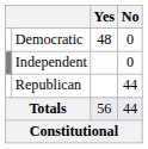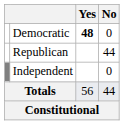 <table class="wikitable" style="text-align:center;background:white;">
 <tr>
 <th colspan="2" scope="col"></th>
 <th scope="col">Yes</th>
 <th scope="col">No</th>
 </tr>
 <tr>
 <td style="background-color:"></td>
 <td style="text-align:left;">Democratic</td>
-<td>48</td>
-<td>0</td>
-</tr>
-<tr>
-<td style="background:gray;"></td>
-<td style="text-align:left;">Independent</td>
-<td></td>
+<td><strong>48</strong></td>
 <td>0</td>
 </tr>
 <tr>
 <td style="background-color:"></td>
 <td style="text-align:left;">Republican</td>
 <td></td>
 <td>44</td>
+</tr>
+<tr>
+<td style="background:gray;"></td>
+<td style="text-align:left;">Independent</td>
+<td></td>
+<td>0</td>
 </tr>
 <tr style="background:#EAECF0;">
 <th colspan="2" scope="row">Totals</th>
 <td>56</td>
 <td>44</td>
 </tr>
 <tr>
 <th colspan="4">Constitutional</th>
 </tr>
 </table>
